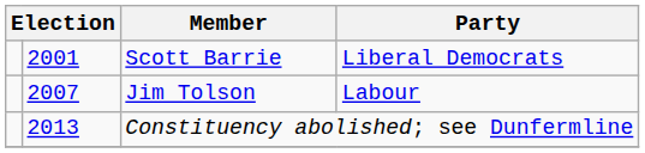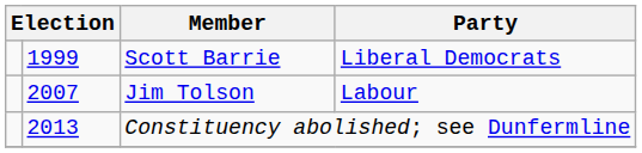 <table class="wikitable">
 <tr>
 <th colspan="2">Election</th>
 <th>Member</th>
 <th>Party</th>
 </tr>
 <tr>
 <td style="background-color: "></td>
-<td><a href='#'>2001</a></td>
+<td><a href='#'>1999</a></td>
 <td><a href='#'>Scott Barrie</a></td>
 <td><a href='#'>Liberal Democrats</a></td>
 </tr>
 <tr>
 <td style="background-color: "></td>
 <td><a href='#'>2007</a></td>
 <td><a href='#'>Jim Tolson</a></td>
 <td><a href='#'>Labour</a></td>
 </tr>
 <tr>
 <td></td>
 <td><a href='#'>2013</a></td>
 <td colspan="3"><em>Constituency abolished</em>; see <a href='#'>Dunfermline</a></td>
 </tr>
 <tr>
 </tr>
 </table>
